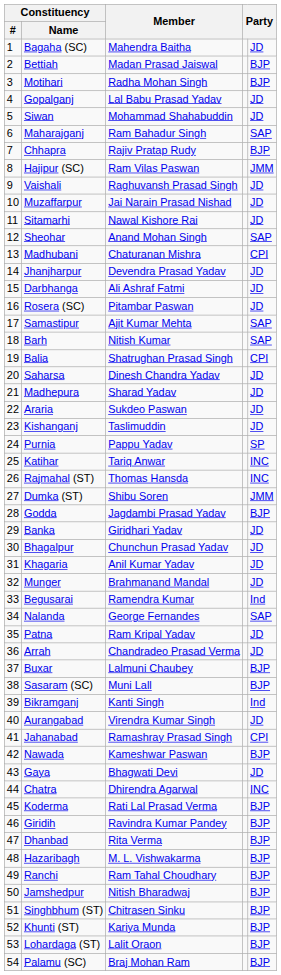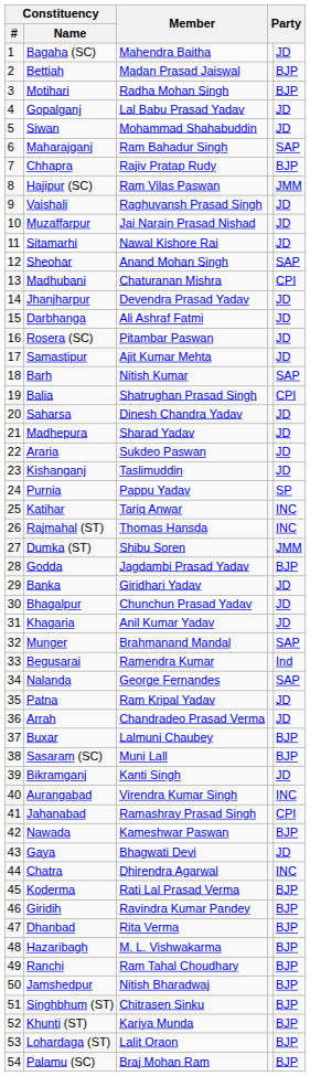 <table class="wikitable sortable">
 <tr>
 <th colspan="2">Constituency</th>
 <th rowspan="2">Member</th>
 <th colspan="2" rowspan="2">Party</th>
 </tr>
 <tr>
 <th>#</th>
 <th>Name</th>
 </tr>
 <tr>
 <td>1</td>
 <td><a href='#'>Bagaha</a> (SC)</td>
 <td><a href='#'>Mahendra Baitha</a></td>
 <td style="background-color: "></td>
 <td><a href='#'>JD</a></td>
 </tr>
 <tr>
 <td>2</td>
 <td><a href='#'>Bettiah</a></td>
 <td><a href='#'>Madan Prasad Jaiswal</a></td>
 <td style="background-color: "></td>
 <td><a href='#'>BJP</a></td>
 </tr>
 <tr>
 <td>3</td>
 <td><a href='#'>Motihari</a></td>
 <td><a href='#'>Radha Mohan Singh</a></td>
 <td style="background-color: "></td>
 <td><a href='#'>BJP</a></td>
 </tr>
 <tr>
 <td>4</td>
 <td><a href='#'>Gopalganj</a></td>
 <td><a href='#'>Lal Babu Prasad Yadav</a></td>
 <td style="background-color: "></td>
 <td><a href='#'>JD</a></td>
 </tr>
 <tr>
 <td>5</td>
 <td><a href='#'>Siwan</a></td>
 <td><a href='#'>Mohammad Shahabuddin</a></td>
 <td style="background-color: "></td>
 <td><a href='#'>JD</a></td>
 </tr>
 <tr>
 <td>6</td>
 <td><a href='#'>Maharajganj</a></td>
 <td><a href='#'>Ram Bahadur Singh</a></td>
 <td style="background-color: "></td>
 <td><a href='#'>SAP</a></td>
 </tr>
 <tr>
 <td>7</td>
 <td><a href='#'>Chhapra</a></td>
 <td><a href='#'>Rajiv Pratap Rudy</a></td>
 <td style="background-color: "></td>
 <td><a href='#'>BJP</a></td>
 </tr>
 <tr>
 <td>8</td>
 <td><a href='#'>Hajipur</a> (SC)</td>
 <td><a href='#'>Ram Vilas Paswan</a></td>
 <td style="background-color: "></td>
 <td><a href='#'>JMM</a></td>
 </tr>
 <tr>
 <td>9</td>
 <td><a href='#'>Vaishali</a></td>
 <td><a href='#'>Raghuvansh Prasad Singh</a></td>
 <td style="background-color: "></td>
 <td><a href='#'>JD</a></td>
 </tr>
 <tr>
 <td>10</td>
 <td><a href='#'>Muzaffarpur</a></td>
 <td><a href='#'>Jai Narain Prasad Nishad</a></td>
 <td style="background-color: "></td>
 <td><a href='#'>JD</a></td>
 </tr>
 <tr>
 <td>11</td>
 <td><a href='#'>Sitamarhi</a></td>
 <td><a href='#'>Nawal Kishore Rai</a></td>
 <td style="background-color: "></td>
 <td><a href='#'>JD</a></td>
 </tr>
 <tr>
 <td>12</td>
 <td><a href='#'>Sheohar</a></td>
 <td><a href='#'>Anand Mohan Singh</a></td>
 <td style="background-color: "></td>
 <td><a href='#'>SAP</a></td>
 </tr>
 <tr>
 <td>13</td>
 <td><a href='#'>Madhubani</a></td>
 <td><a href='#'>Chaturanan Mishra</a></td>
 <td style="background-color: "></td>
 <td><a href='#'>CPI</a></td>
 </tr>
 <tr>
 <td>14</td>
 <td><a href='#'>Jhanjharpur</a></td>
 <td><a href='#'>Devendra Prasad Yadav</a></td>
 <td style="background-color: "></td>
 <td><a href='#'>JD</a></td>
 </tr>
 <tr>
 <td>15</td>
 <td><a href='#'>Darbhanga</a></td>
 <td><a href='#'>Ali Ashraf Fatmi</a></td>
 <td style="background-color: "></td>
 <td><a href='#'>JD</a></td>
 </tr>
 <tr>
 <td>16</td>
 <td><a href='#'>Rosera</a> (SC)</td>
 <td><a href='#'>Pitambar Paswan</a></td>
 <td style="background-color: "></td>
 <td><a href='#'>JD</a></td>
 </tr>
 <tr>
 <td>17</td>
 <td><a href='#'>Samastipur</a></td>
 <td><a href='#'>Ajit Kumar Mehta</a></td>
 <td style="background-color: "></td>
-<td><a href='#'>SAP</a></td>
+<td><a href='#'>JD</a></td>
 </tr>
 <tr>
 <td>18</td>
 <td><a href='#'>Barh</a></td>
 <td><a href='#'>Nitish Kumar</a></td>
 <td style="background-color: "></td>
 <td><a href='#'>SAP</a></td>
 </tr>
 <tr>
 <td>19</td>
 <td><a href='#'>Balia</a></td>
 <td><a href='#'>Shatrughan Prasad Singh</a></td>
 <td style="background-color: "></td>
 <td><a href='#'>CPI</a></td>
 </tr>
 <tr>
 <td>20</td>
 <td><a href='#'>Saharsa</a></td>
 <td><a href='#'>Dinesh Chandra Yadav</a></td>
 <td style="background-color: "></td>
 <td><a href='#'>JD</a></td>
 </tr>
 <tr>
 <td>21</td>
 <td><a href='#'>Madhepura</a></td>
 <td><a href='#'>Sharad Yadav</a></td>
 <td style="background-color: "></td>
 <td><a href='#'>JD</a></td>
 </tr>
 <tr>
 <td>22</td>
 <td><a href='#'>Araria</a></td>
 <td><a href='#'>Sukdeo Paswan</a></td>
 <td style="background-color: "></td>
 <td><a href='#'>JD</a></td>
 </tr>
 <tr>
 <td>23</td>
 <td><a href='#'>Kishanganj</a></td>
 <td><a href='#'>Taslimuddin</a></td>
 <td style="background-color: "></td>
 <td><a href='#'>JD</a></td>
 </tr>
 <tr>
 <td>24</td>
 <td><a href='#'>Purnia</a></td>
 <td><a href='#'>Pappu Yadav</a></td>
 <td style="background-color: "></td>
 <td><a href='#'>SP</a></td>
 </tr>
 <tr>
 <td>25</td>
 <td><a href='#'>Katihar</a></td>
 <td><a href='#'>Tariq Anwar</a></td>
 <td style="background-color: "></td>
 <td><a href='#'>INC</a></td>
 </tr>
 <tr>
 <td>26</td>
 <td><a href='#'>Rajmahal</a> (ST)</td>
 <td><a href='#'>Thomas Hansda</a></td>
 <td style="background-color: "></td>
 <td><a href='#'>INC</a></td>
 </tr>
 <tr>
 <td>27</td>
 <td><a href='#'>Dumka</a> (ST)</td>
 <td><a href='#'>Shibu Soren</a></td>
 <td style="background-color: "></td>
 <td><a href='#'>JMM</a></td>
 </tr>
 <tr>
 <td>28</td>
 <td><a href='#'>Godda</a></td>
 <td><a href='#'>Jagdambi Prasad Yadav</a></td>
 <td style="background-color: "></td>
 <td><a href='#'>BJP</a></td>
 </tr>
 <tr>
 <td>29</td>
 <td><a href='#'>Banka</a></td>
 <td><a href='#'>Giridhari Yadav</a></td>
 <td style="background-color: "></td>
 <td><a href='#'>JD</a></td>
 </tr>
 <tr>
 <td>30</td>
 <td><a href='#'>Bhagalpur</a></td>
 <td><a href='#'>Chunchun Prasad Yadav</a></td>
 <td style="background-color: "></td>
 <td><a href='#'>JD</a></td>
 </tr>
 <tr>
 <td>31</td>
 <td><a href='#'>Khagaria</a></td>
 <td><a href='#'>Anil Kumar Yadav</a></td>
 <td style="background-color: "></td>
 <td><a href='#'>JD</a></td>
 </tr>
 <tr>
 <td>32</td>
 <td><a href='#'>Munger</a></td>
 <td><a href='#'>Brahmanand Mandal</a></td>
 <td style="background-color: "></td>
-<td><a href='#'>JD</a></td>
+<td><a href='#'>SAP</a></td>
 </tr>
 <tr>
 <td>33</td>
 <td><a href='#'>Begusarai</a></td>
 <td><a href='#'>Ramendra Kumar</a></td>
 <td style="background-color: "></td>
 <td><a href='#'>Ind</a></td>
 </tr>
 <tr>
 <td>34</td>
 <td><a href='#'>Nalanda</a></td>
 <td><a href='#'>George Fernandes</a></td>
 <td style="background-color: "></td>
 <td><a href='#'>SAP</a></td>
 </tr>
 <tr>
 <td>35</td>
 <td><a href='#'>Patna</a></td>
 <td><a href='#'>Ram Kripal Yadav</a></td>
 <td style="background-color: "></td>
 <td><a href='#'>JD</a></td>
 </tr>
 <tr>
 <td>36</td>
 <td><a href='#'>Arrah</a></td>
 <td><a href='#'>Chandradeo Prasad Verma</a></td>
 <td style="background-color: "></td>
 <td><a href='#'>JD</a></td>
 </tr>
 <tr>
 <td>37</td>
 <td><a href='#'>Buxar</a></td>
 <td><a href='#'>Lalmuni Chaubey</a></td>
 <td style="background-color: "></td>
 <td><a href='#'>BJP</a></td>
 </tr>
 <tr>
 <td>38</td>
 <td><a href='#'>Sasaram</a> (SC)</td>
 <td><a href='#'>Muni Lall</a></td>
 <td style="background-color: "></td>
 <td><a href='#'>BJP</a></td>
 </tr>
 <tr>
 <td>39</td>
 <td><a href='#'>Bikramganj</a></td>
 <td><a href='#'>Kanti Singh</a></td>
 <td style="background-color: "></td>
-<td><a href='#'>Ind</a></td>
+<td><a href='#'>JD</a></td>
 </tr>
 <tr>
 <td>40</td>
 <td><a href='#'>Aurangabad</a></td>
 <td><a href='#'>Virendra Kumar Singh</a></td>
 <td style="background-color: "></td>
-<td><a href='#'>JD</a></td>
+<td><a href='#'>INC</a></td>
 </tr>
 <tr>
 <td>41</td>
 <td><a href='#'>Jahanabad</a></td>
 <td><a href='#'>Ramashray Prasad Singh</a></td>
 <td style="background-color: "></td>
 <td><a href='#'>CPI</a></td>
 </tr>
 <tr>
 <td>42</td>
 <td><a href='#'>Nawada</a></td>
 <td><a href='#'>Kameshwar Paswan</a></td>
 <td style="background-color: "></td>
 <td><a href='#'>BJP</a></td>
 </tr>
 <tr>
 <td>43</td>
 <td><a href='#'>Gaya</a></td>
 <td><a href='#'>Bhagwati Devi</a></td>
 <td style="background-color: "></td>
 <td><a href='#'>JD</a></td>
 </tr>
 <tr>
 <td>44</td>
 <td><a href='#'>Chatra</a></td>
 <td><a href='#'>Dhirendra Agarwal</a></td>
 <td style="background-color: "></td>
 <td><a href='#'>INC</a></td>
 </tr>
 <tr>
 <td>45</td>
 <td><a href='#'>Koderma</a></td>
 <td><a href='#'>Rati Lal Prasad Verma</a></td>
 <td style="background-color: "></td>
 <td><a href='#'>BJP</a></td>
 </tr>
 <tr>
 <td>46</td>
 <td><a href='#'>Giridih</a></td>
 <td><a href='#'>Ravindra Kumar Pandey</a></td>
 <td style="background-color: "></td>
 <td><a href='#'>BJP</a></td>
 </tr>
 <tr>
 <td>47</td>
 <td><a href='#'>Dhanbad</a></td>
 <td><a href='#'>Rita Verma</a></td>
 <td style="background-color: "></td>
 <td><a href='#'>BJP</a></td>
 </tr>
 <tr>
 <td>48</td>
 <td><a href='#'>Hazaribagh</a></td>
 <td><a href='#'>M. L. Vishwakarma</a></td>
 <td style="background-color: "></td>
 <td><a href='#'>BJP</a></td>
 </tr>
 <tr>
 <td>49</td>
 <td><a href='#'>Ranchi</a></td>
 <td><a href='#'>Ram Tahal Choudhary</a></td>
 <td style="background-color: "></td>
 <td><a href='#'>BJP</a></td>
 </tr>
 <tr>
 <td>50</td>
 <td><a href='#'>Jamshedpur</a></td>
 <td><a href='#'>Nitish Bharadwaj</a></td>
 <td style="background-color: "></td>
 <td><a href='#'>BJP</a></td>
 </tr>
 <tr>
 <td>51</td>
 <td><a href='#'>Singhbhum</a> (ST)</td>
 <td><a href='#'>Chitrasen Sinku</a></td>
 <td style="background-color: "></td>
 <td><a href='#'>BJP</a></td>
 </tr>
 <tr>
 <td>52</td>
 <td><a href='#'>Khunti</a> (ST)</td>
 <td><a href='#'>Kariya Munda</a></td>
 <td style="background-color: "></td>
 <td><a href='#'>BJP</a></td>
 </tr>
 <tr>
 <td>53</td>
 <td><a href='#'>Lohardaga</a> (ST)</td>
 <td><a href='#'>Lalit Oraon</a></td>
 <td style="background-color: "></td>
 <td><a href='#'>BJP</a></td>
 </tr>
 <tr>
 <td>54</td>
 <td><a href='#'>Palamu</a> (SC)</td>
 <td><a href='#'>Braj Mohan Ram</a></td>
 <td style="background-color: "></td>
 <td><a href='#'>BJP</a></td>
 </tr>
 </table>
